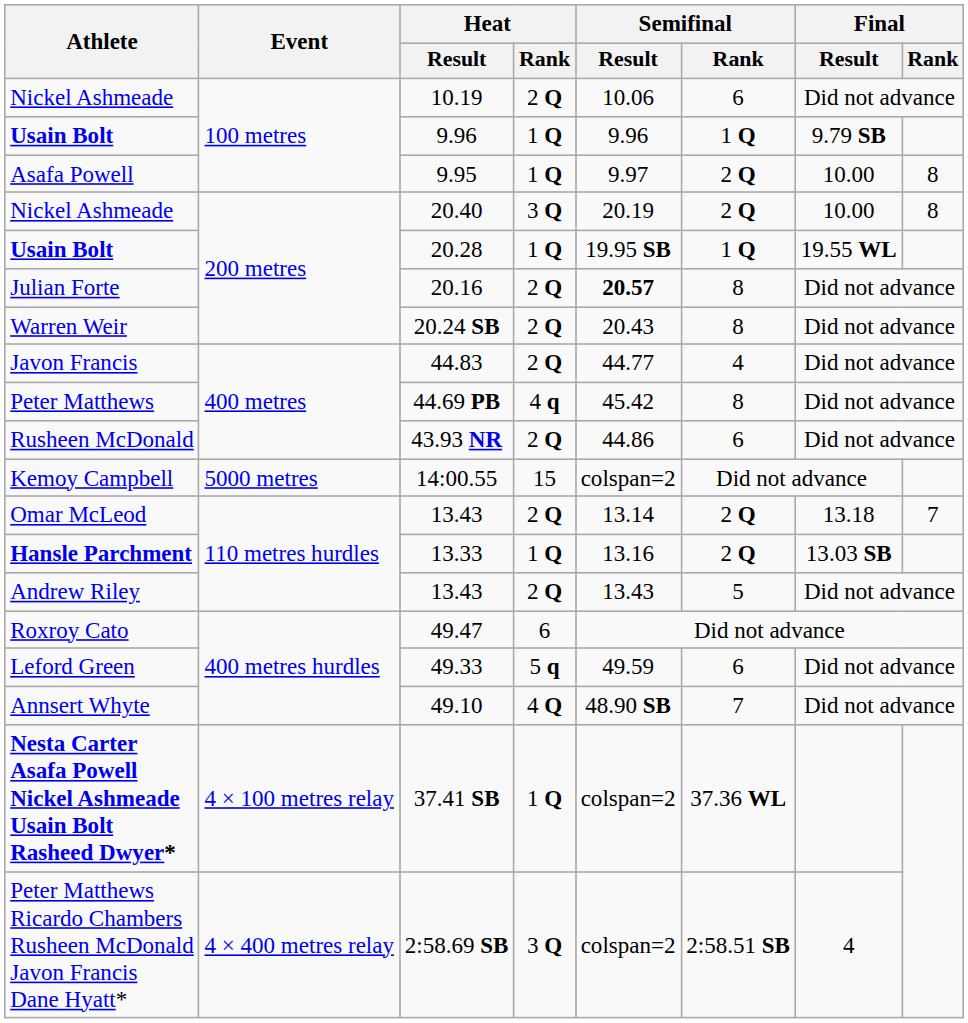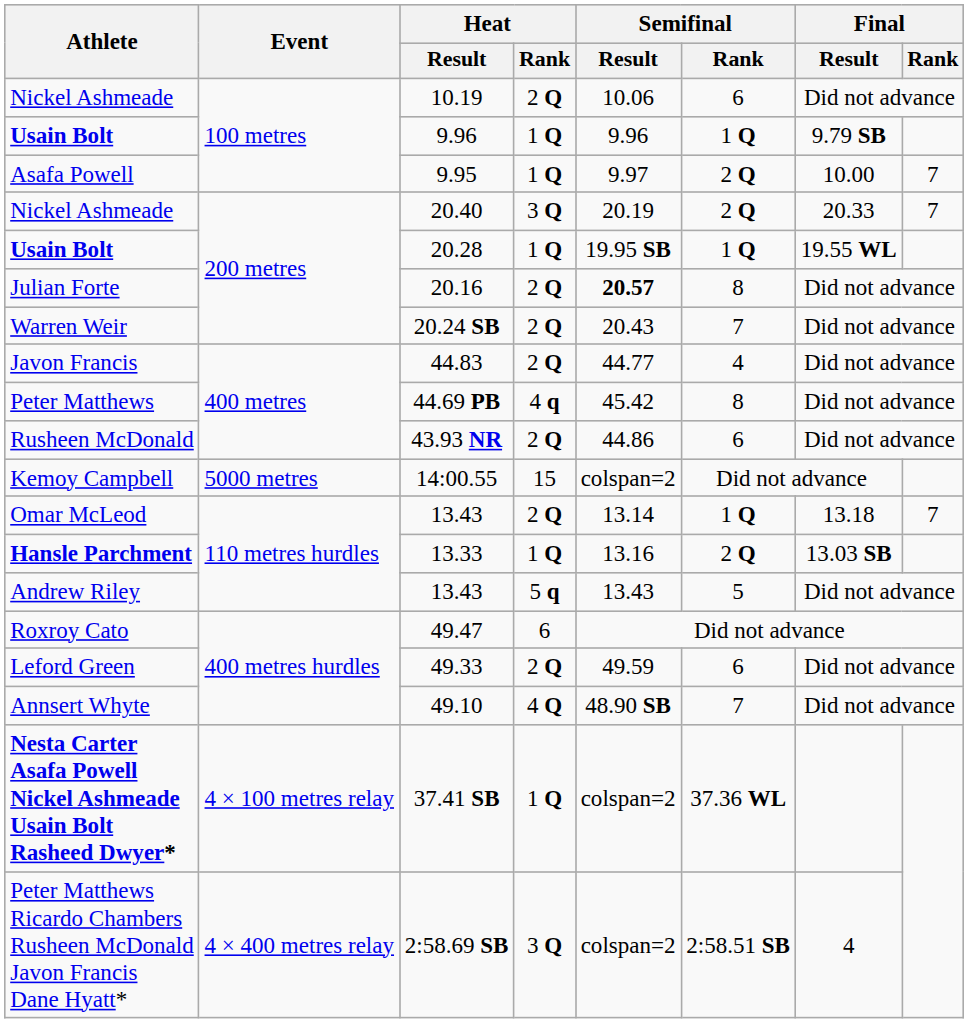 <table class="wikitable" style="font-size:90%">
 <tr>
 <th rowspan="2">Athlete</th>
 <th rowspan="2">Event</th>
 <th colspan="2">Heat</th>
 <th colspan="2">Semifinal</th>
 <th colspan="2">Final</th>
 </tr>
 <tr style="font-size:95%">
 <th>Result</th>
 <th>Rank</th>
 <th>Result</th>
 <th>Rank</th>
 <th>Result</th>
 <th>Rank</th>
 </tr>
 <tr style=text-align:center>
 <td style=text-align:left><a href='#'>Nickel Ashmeade</a></td>
 <td style=text-align:left rowspan=3><a href='#'>100 metres</a></td>
 <td>10.19</td>
 <td>2 <strong>Q</strong></td>
 <td>10.06</td>
 <td>6</td>
 <td colspan=2>Did not advance</td>
 </tr>
 <tr style=text-align:center>
 <td style=text-align:left><strong><a href='#'>Usain Bolt</a></strong></td>
 <td>9.96</td>
 <td>1 <strong>Q</strong></td>
 <td>9.96</td>
 <td>1 <strong>Q</strong></td>
 <td>9.79 <strong>SB</strong></td>
 <td></td>
 </tr>
 <tr style=text-align:center>
 <td style=text-align:left><a href='#'>Asafa Powell</a></td>
 <td>9.95</td>
 <td>1 <strong>Q</strong></td>
 <td>9.97</td>
 <td>2 <strong>Q</strong></td>
 <td>10.00</td>
-<td>8</td>
+<td>7</td>
 </tr>
 <tr style=text-align:center>
 <td style=text-align:left><a href='#'>Nickel Ashmeade</a></td>
 <td style=text-align:left rowspan=4><a href='#'>200 metres</a></td>
 <td>20.40</td>
 <td>3 <strong>Q</strong></td>
 <td>20.19</td>
 <td>2 <strong>Q</strong></td>
-<td>10.00</td>
-<td>8</td>
+<td>20.33</td>
+<td>7</td>
 </tr>
 <tr style=text-align:center>
 <td style=text-align:left><strong><a href='#'>Usain Bolt</a></strong></td>
 <td>20.28</td>
 <td>1 <strong>Q</strong></td>
 <td>19.95 <strong>SB</strong></td>
 <td>1 <strong>Q</strong></td>
 <td>19.55 <strong>WL</strong></td>
 <td></td>
 </tr>
 <tr style="text-align:center">
 <td style=text-align:left><a href='#'>Julian Forte</a></td>
 <td>20.16</td>
 <td>2 <strong>Q</strong></td>
 <td><strong>20.57</strong></td>
 <td>8</td>
 <td colspan="2">Did not advance</td>
 </tr>
 <tr style="text-align:center">
 <td style=text-align:left><a href='#'>Warren Weir</a></td>
 <td>20.24 <strong>SB</strong></td>
 <td>2 <strong>Q</strong></td>
 <td>20.43</td>
-<td>8</td>
+<td>7</td>
 <td colspan="2">Did not advance</td>
 </tr>
 <tr style=text-align:center>
 <td style=text-align:left><a href='#'>Javon Francis</a></td>
 <td style=text-align:left rowspan=3><a href='#'>400 metres</a></td>
 <td>44.83</td>
 <td>2 <strong>Q</strong></td>
 <td>44.77</td>
 <td>4</td>
 <td colspan=2>Did not advance</td>
 </tr>
 <tr style=text-align:center>
 <td style=text-align:left><a href='#'>Peter Matthews</a></td>
 <td>44.69 <strong>PB</strong></td>
 <td>4 <strong>q</strong></td>
 <td>45.42</td>
 <td>8</td>
 <td colspan=2>Did not advance</td>
 </tr>
 <tr style=text-align:center>
 <td style=text-align:left><a href='#'>Rusheen McDonald</a></td>
 <td>43.93 <strong><a href='#'>NR</a></strong></td>
 <td>2 <strong>Q</strong></td>
 <td>44.86</td>
 <td>6</td>
 <td colspan=2>Did not advance</td>
 </tr>
 <tr style="text-align:center">
 <td style=text-align:left><a href='#'>Kemoy Campbell</a></td>
 <td style=text-align:left><a href='#'>5000 metres</a></td>
 <td>14:00.55</td>
 <td>15</td>
 <td>colspan=2 </td>
 <td colspan="2">Did not advance</td>
 </tr>
 <tr style=text-align:center>
 <td style=text-align:left><a href='#'>Omar McLeod</a></td>
 <td style=text-align:left rowspan=3><a href='#'>110 metres hurdles</a></td>
 <td>13.43</td>
 <td>2 <strong>Q</strong></td>
 <td>13.14</td>
-<td>2 <strong>Q</strong></td>
+<td>1 <strong>Q</strong></td>
 <td>13.18</td>
 <td>7</td>
 </tr>
 <tr style=text-align:center>
 <td style=text-align:left><strong><a href='#'>Hansle Parchment</a></strong></td>
 <td>13.33</td>
 <td>1 <strong>Q</strong></td>
 <td>13.16</td>
 <td>2 <strong>Q</strong></td>
 <td>13.03 <strong>SB</strong></td>
 <td></td>
 </tr>
 <tr style=text-align:center>
 <td style=text-align:left><a href='#'>Andrew Riley</a></td>
 <td>13.43</td>
-<td>2 <strong>Q</strong></td>
+<td>5 <strong>q</strong></td>
 <td>13.43</td>
 <td>5</td>
 <td colspan=2>Did not advance</td>
 </tr>
 <tr style=text-align:center>
 <td style=text-align:left><a href='#'>Roxroy Cato</a></td>
 <td style=text-align:left rowspan=3><a href='#'>400 metres hurdles</a></td>
 <td>49.47</td>
 <td>6</td>
 <td colspan=4>Did not advance</td>
 </tr>
 <tr style=text-align:center>
 <td style=text-align:left><a href='#'>Leford Green</a></td>
 <td>49.33</td>
-<td>5 <strong>q</strong></td>
+<td>2 <strong>Q</strong></td>
 <td>49.59</td>
 <td>6</td>
 <td colspan=2>Did not advance</td>
 </tr>
 <tr style=text-align:center>
 <td style=text-align:left><a href='#'>Annsert Whyte</a></td>
 <td>49.10</td>
 <td>4 <strong>Q</strong></td>
 <td>48.90 <strong>SB</strong></td>
 <td>7</td>
 <td colspan=2>Did not advance</td>
 </tr>
 <tr style=text-align:center>
 <td style=text-align:left><strong><a href='#'>Nesta Carter</a><br><a href='#'>Asafa Powell</a><br><a href='#'>Nickel Ashmeade</a><br><a href='#'>Usain Bolt</a><br><a href='#'>Rasheed Dwyer</a>*</strong></td>
 <td style=text-align:left><a href='#'>4 × 100 metres relay</a></td>
 <td>37.41 <strong>SB</strong></td>
 <td>1 <strong>Q</strong></td>
 <td>colspan=2 </td>
 <td>37.36 <strong>WL</strong></td>
 <td></td>
 </tr>
 <tr style=text-align:center>
 <td style=text-align:left><a href='#'>Peter Matthews</a><br><a href='#'>Ricardo Chambers</a><br><a href='#'>Rusheen McDonald</a><br><a href='#'>Javon Francis</a><br><a href='#'>Dane Hyatt</a>*</td>
 <td style=text-align:left><a href='#'>4 × 400 metres relay</a></td>
 <td>2:58.69 <strong>SB</strong></td>
 <td>3 <strong>Q</strong></td>
 <td>colspan=2 </td>
 <td>2:58.51 <strong>SB</strong></td>
 <td>4</td>
 </tr>
 </table>
